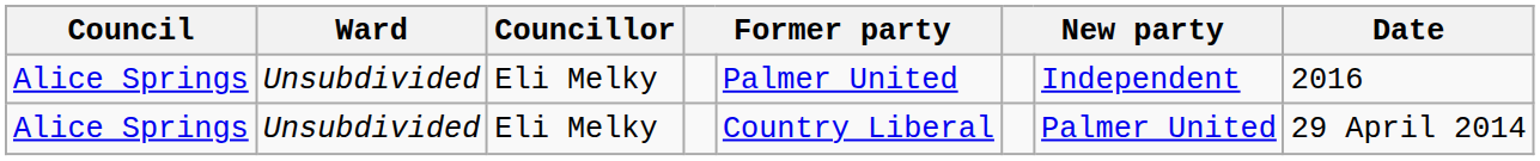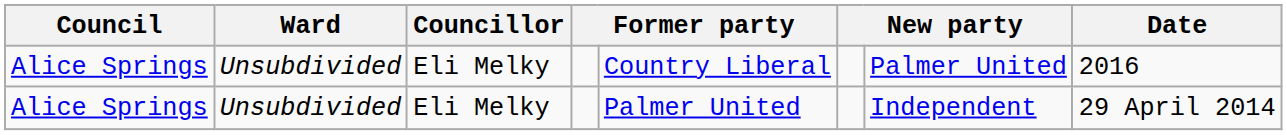 <table class="wikitable sortable">
 <tr>
 <th>Council</th>
 <th>Ward</th>
 <th>Councillor</th>
 <th colspan="2">Former party</th>
 <th colspan="2">New party</th>
 <th>Date</th>
 </tr>
 <tr>
 <td><a href='#'>Alice Springs</a></td>
 <td><em>Unsubdivided</em></td>
 <td>Eli Melky</td>
 <td> </td>
+<td><a href='#'>Country Liberal</a></td>
+<td> </td>
 <td><a href='#'>Palmer United</a></td>
-<td> </td>
-<td><a href='#'>Independent</a></td>
 <td>2016</td>
 </tr>
 <tr>
 <td><a href='#'>Alice Springs</a></td>
 <td><em>Unsubdivided</em></td>
 <td>Eli Melky</td>
 <td> </td>
-<td><a href='#'>Country Liberal</a></td>
+<td><a href='#'>Palmer United</a></td>
 <td> </td>
-<td><a href='#'>Palmer United</a></td>
+<td><a href='#'>Independent</a></td>
 <td>29 April 2014</td>
 </tr>
 </table>
